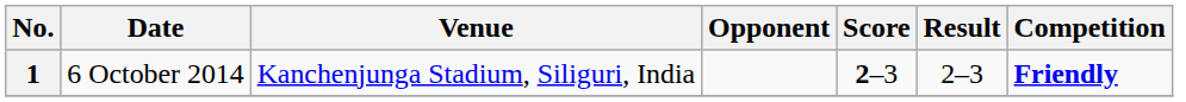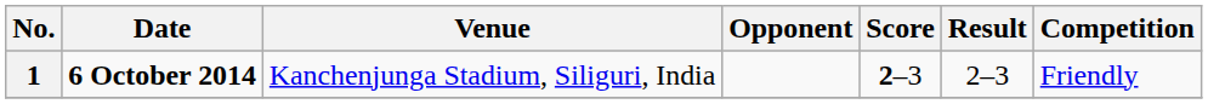 <table class="wikitable plainrowheaders sortable">
 <tr>
 <th scope=col>No.</th>
 <th scope=col data-sort-type=date>Date</th>
 <th scope=col>Venue</th>
 <th scope=col>Opponent</th>
 <th scope=col>Score</th>
 <th scope=col>Result</th>
 <th scope=col>Competition</th>
 </tr>
 <tr>
 <th scope=row>1</th>
-<td>6 October 2014</td>
+<td><strong>6 October 2014</strong></td>
 <td><a href='#'>Kanchenjunga Stadium</a>, <a href='#'>Siliguri</a>, India</td>
 <td></td>
 <td align=center><strong>2</strong>–3</td>
 <td align=center>2–3</td>
-<td><strong><a href='#'>Friendly</a></strong></td>
+<td><a href='#'>Friendly</a></td>
 </tr>
 <tr>
 </tr>
 </table>
